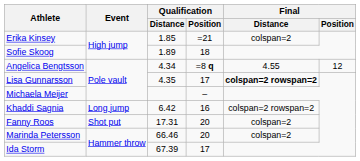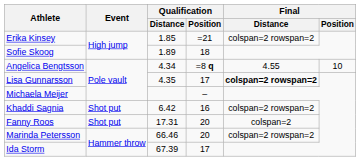 <table class=wikitable style="font-size:90%">
 <tr>
 <th rowspan="2">Athlete</th>
 <th rowspan="2">Event</th>
 <th colspan="2">Qualification</th>
 <th colspan="2">Final</th>
 </tr>
 <tr style="font-size:95%">
 <th>Distance</th>
 <th>Position</th>
 <th>Distance</th>
 <th>Position</th>
 </tr>
 <tr align=center>
 <td align=left><a href='#'>Erika Kinsey</a></td>
 <td align=left rowspan=2><a href='#'>High jump</a></td>
 <td>1.85</td>
 <td>=21</td>
-<td>colspan=2 </td>
+<td>colspan=2 rowspan=2 </td>
 </tr>
 <tr align=center>
 <td align=left><a href='#'>Sofie Skoog</a></td>
 <td>1.89</td>
 <td>18</td>
 </tr>
 <tr align=center>
 <td align=left><a href='#'>Angelica Bengtsson</a></td>
 <td align=left rowspan=3><a href='#'>Pole vault</a></td>
 <td>4.34</td>
 <td>=8 <strong>q</strong></td>
 <td>4.55</td>
-<td>12</td>
+<td>10</td>
 </tr>
 <tr align=center>
 <td align=left><a href='#'>Lisa Gunnarsson</a></td>
 <td>4.35</td>
 <td>17</td>
 <td><strong>colspan=2 rowspan=2 </strong></td>
 </tr>
 <tr align=center>
 <td align=left><a href='#'>Michaela Meijer</a></td>
 <td></td>
 <td>–</td>
 </tr>
 <tr align=center>
 <td align=left><a href='#'>Khaddi Sagnia</a></td>
-<td align=left><a href='#'>Long jump</a></td>
+<td align=left><a href='#'>Shot put</a></td>
 <td>6.42</td>
 <td>16</td>
 <td>colspan=2 rowspan=2 </td>
 </tr>
 <tr align=center>
 <td align=left><a href='#'>Fanny Roos</a></td>
 <td align=left><a href='#'>Shot put</a></td>
 <td>17.31</td>
 <td>20</td>
 <td>colspan=2 </td>
 </tr>
 <tr align=center>
 <td align=left><a href='#'>Marinda Petersson</a></td>
 <td align=left rowspan=2><a href='#'>Hammer throw</a></td>
 <td>66.46</td>
 <td>20</td>
-<td>colspan=2 </td>
+<td>colspan=2 rowspan=2 </td>
 </tr>
 <tr align=center>
 <td align=left><a href='#'>Ida Storm</a></td>
 <td>67.39</td>
 <td>17</td>
 </tr>
 </table>
